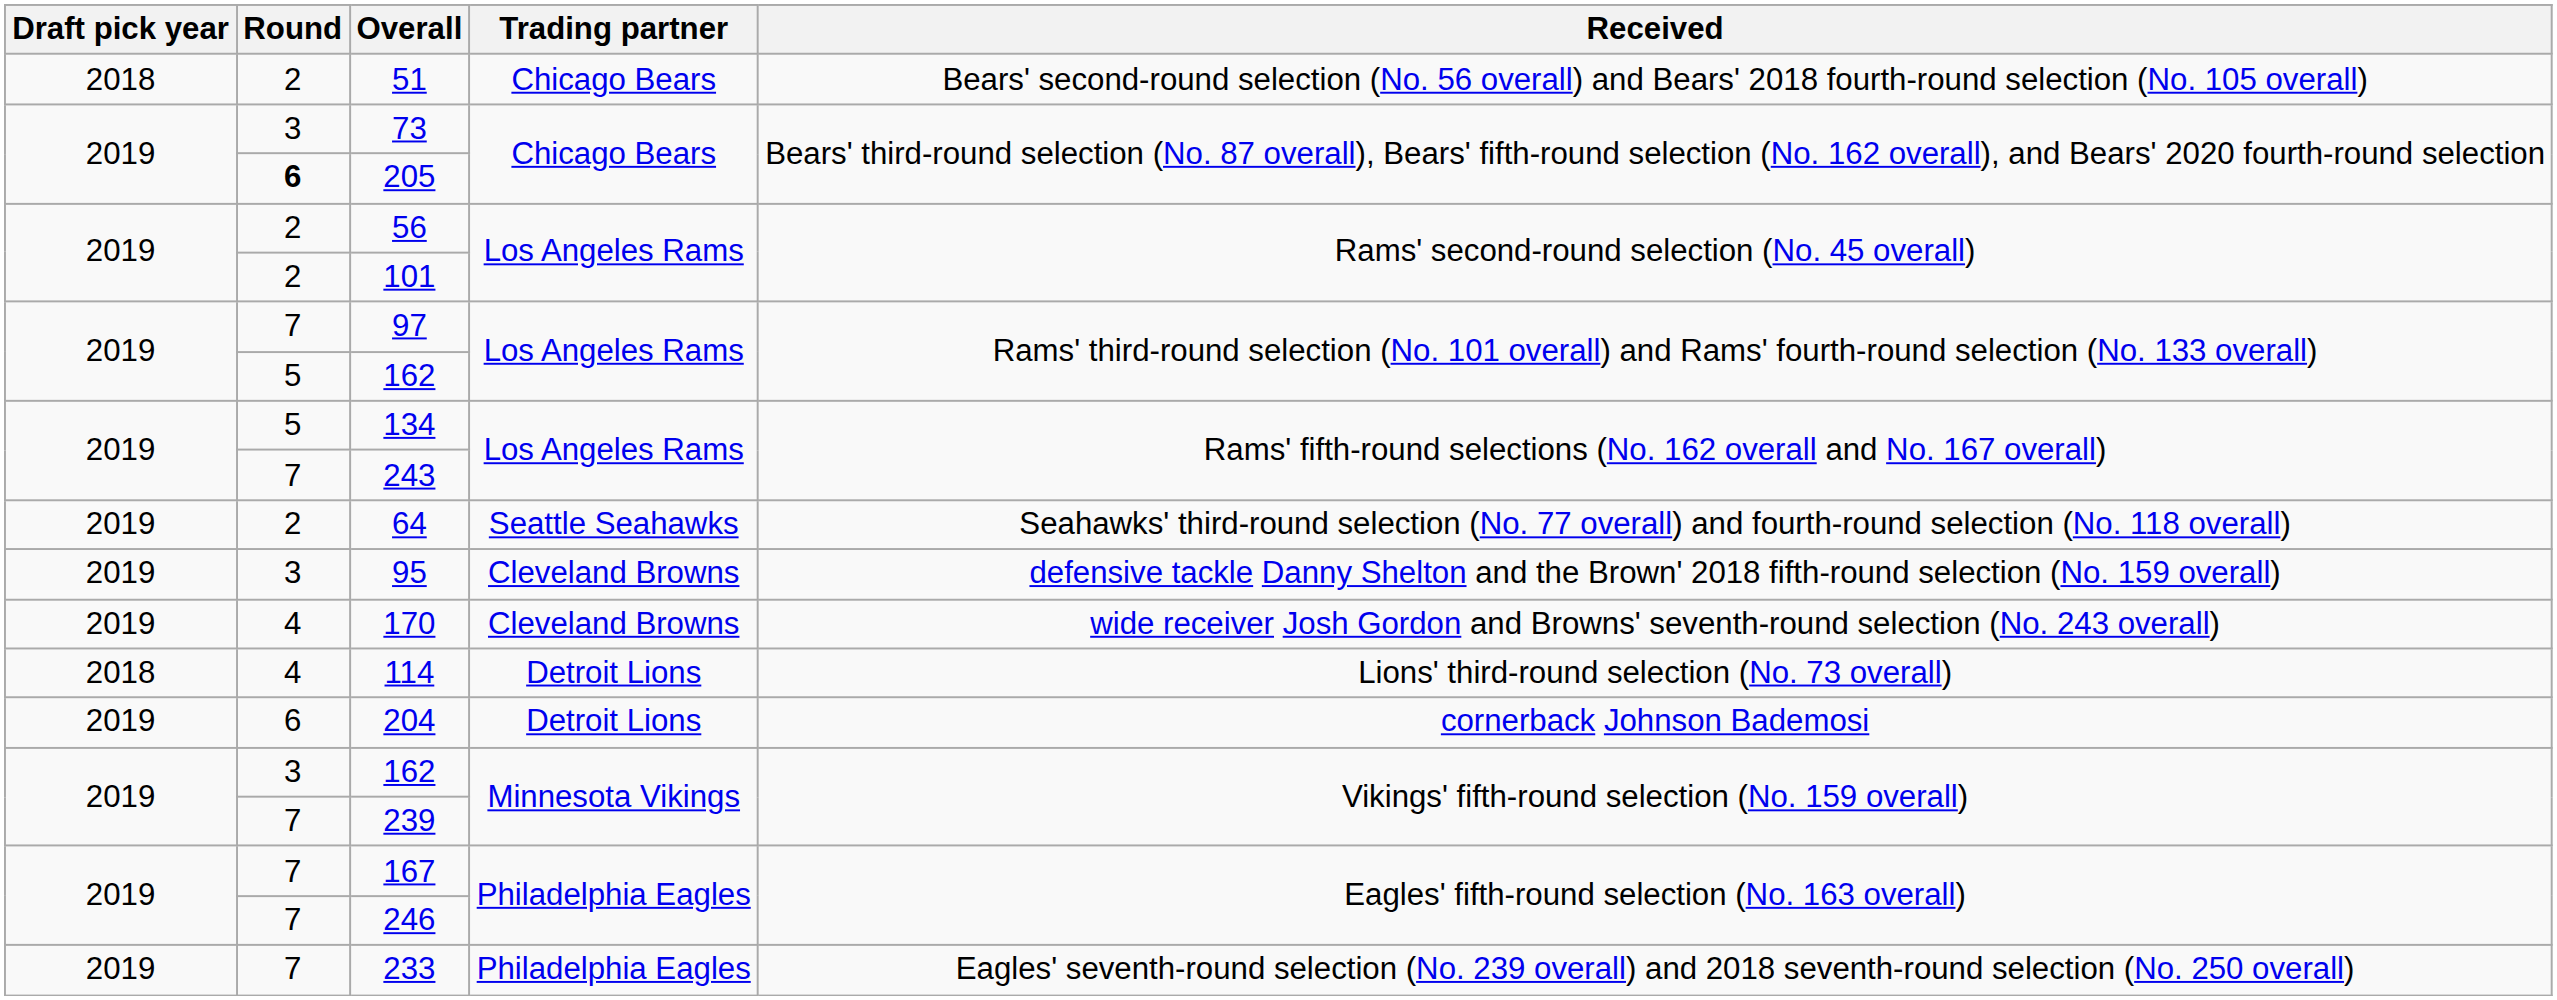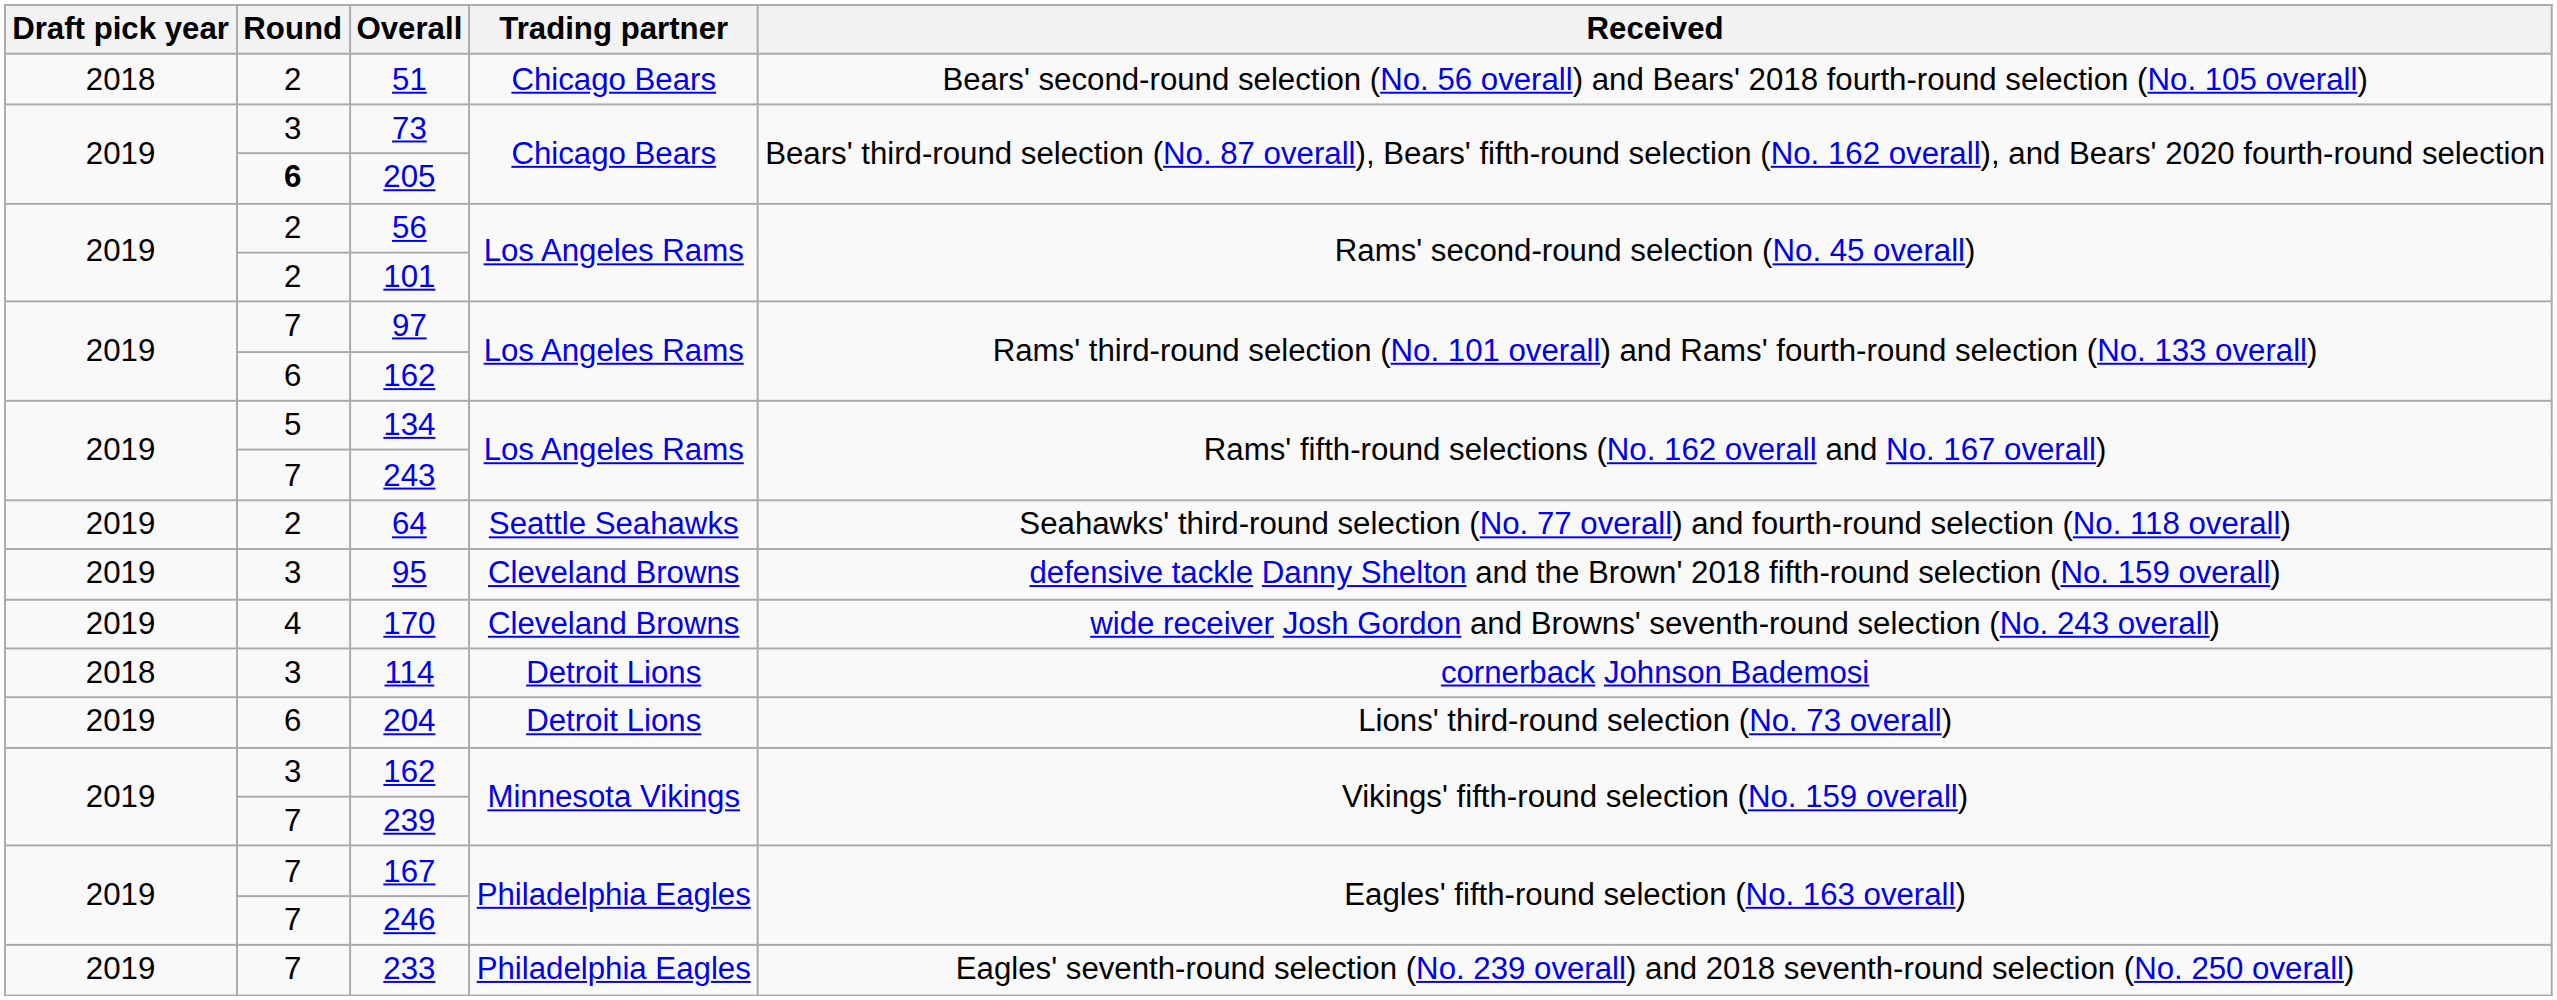 <table class="wikitable sortable" style="text-align:center">
 <tr>
 <th>Draft pick year</th>
 <th>Round</th>
 <th>Overall</th>
 <th>Trading partner</th>
 <th>Received</th>
 </tr>
 <tr>
 <td>2018</td>
 <td>2</td>
 <td><a href='#'>51</a></td>
 <td><a href='#'>Chicago Bears</a></td>
 <td>Bears' second-round selection (<a href='#'>No. 56 overall</a>) and Bears' 2018 fourth-round selection (<a href='#'>No. 105 overall</a>)</td>
 </tr>
 <tr>
 <td rowspan="2">2019</td>
 <td>3</td>
 <td><a href='#'>73</a></td>
 <td rowspan="2"><a href='#'>Chicago Bears</a></td>
 <td rowspan="2">Bears' third-round selection (<a href='#'>No. 87 overall</a>), Bears' fifth-round selection (<a href='#'>No. 162 overall</a>), and Bears' 2020 fourth-round selection</td>
 </tr>
 <tr>
 <td><strong>6</strong></td>
 <td><a href='#'>205</a></td>
 </tr>
 <tr>
 <td rowspan="2">2019</td>
 <td>2</td>
 <td><a href='#'>56</a></td>
 <td rowspan="2"><a href='#'>Los Angeles Rams</a></td>
 <td rowspan="2">Rams' second-round selection (<a href='#'>No. 45 overall</a>)</td>
 </tr>
 <tr>
 <td>2</td>
 <td><a href='#'>101</a></td>
 </tr>
 <tr>
 <td rowspan="2">2019</td>
 <td>7</td>
 <td><a href='#'>97</a></td>
 <td rowspan="2"><a href='#'>Los Angeles Rams</a></td>
 <td rowspan="2">Rams' third-round selection (<a href='#'>No. 101 overall</a>) and Rams' fourth-round selection (<a href='#'>No. 133 overall</a>)</td>
 </tr>
 <tr>
-<td>5</td>
+<td>6</td>
 <td><a href='#'>162</a></td>
 </tr>
 <tr>
 <td rowspan="2">2019</td>
 <td>5</td>
 <td><a href='#'>134</a></td>
 <td rowspan="2"><a href='#'>Los Angeles Rams</a></td>
 <td rowspan="2">Rams' fifth-round selections (<a href='#'>No. 162 overall</a> and <a href='#'>No. 167 overall</a>)</td>
 </tr>
 <tr>
 <td>7</td>
 <td><a href='#'>243</a></td>
 </tr>
 <tr>
 <td>2019</td>
 <td>2</td>
 <td><a href='#'>64</a></td>
 <td><a href='#'>Seattle Seahawks</a></td>
 <td>Seahawks' third-round selection (<a href='#'>No. 77 overall</a>) and fourth-round selection (<a href='#'>No. 118 overall</a>)</td>
 </tr>
 <tr>
 <td>2019</td>
 <td>3</td>
 <td><a href='#'>95</a></td>
 <td><a href='#'>Cleveland Browns</a></td>
 <td><a href='#'>defensive tackle</a> <a href='#'>Danny Shelton</a> and the Brown' 2018 fifth-round selection (<a href='#'>No. 159 overall</a>)</td>
 </tr>
 <tr>
 <td>2019</td>
 <td>4</td>
 <td><a href='#'>170</a></td>
 <td><a href='#'>Cleveland Browns</a></td>
 <td><a href='#'>wide receiver</a> <a href='#'>Josh Gordon</a> and Browns' seventh-round selection (<a href='#'>No. 243 overall</a>)</td>
 </tr>
 <tr>
 <td>2018</td>
-<td>4</td>
+<td>3</td>
 <td><a href='#'>114</a></td>
 <td><a href='#'>Detroit Lions</a></td>
-<td>Lions' third-round selection (<a href='#'>No. 73 overall</a>)</td>
+<td><a href='#'>cornerback</a> <a href='#'>Johnson Bademosi</a></td>
 </tr>
 <tr>
 <td>2019</td>
 <td>6</td>
 <td><a href='#'>204</a></td>
 <td><a href='#'>Detroit Lions</a></td>
-<td><a href='#'>cornerback</a> <a href='#'>Johnson Bademosi</a></td>
+<td>Lions' third-round selection (<a href='#'>No. 73 overall</a>)</td>
 </tr>
 <tr>
 <td rowspan="2">2019</td>
 <td>3</td>
 <td><a href='#'>162</a></td>
 <td rowspan="2"><a href='#'>Minnesota Vikings</a></td>
 <td rowspan="2">Vikings' fifth-round selection (<a href='#'>No. 159 overall</a>)</td>
 </tr>
 <tr>
 <td>7</td>
 <td><a href='#'>239</a></td>
 </tr>
 <tr>
 <td rowspan="2">2019</td>
 <td>7</td>
 <td><a href='#'>167</a></td>
 <td rowspan="2"><a href='#'>Philadelphia Eagles</a></td>
 <td rowspan="2">Eagles' fifth-round selection (<a href='#'>No. 163 overall</a>)</td>
 </tr>
 <tr>
 <td>7</td>
 <td><a href='#'>246</a></td>
 </tr>
 <tr>
 <td>2019</td>
 <td>7</td>
 <td><a href='#'>233</a></td>
 <td><a href='#'>Philadelphia Eagles</a></td>
 <td>Eagles' seventh-round selection (<a href='#'>No. 239 overall</a>) and 2018 seventh-round selection (<a href='#'>No. 250 overall</a>)</td>
 </tr>
 </table>
